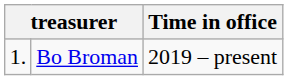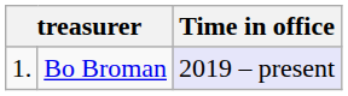 <table class="wikitable">
 <tr>
 <th colspan="2">treasurer</th>
 <th>Time in office</th>
 </tr>
 <tr>
 <td>1.</td>
 <td><a href='#'>Bo Broman</a></td>
-<td>2019 – present</td>
+<td style="background: lavender;">2019 – present</td>
 </tr>
 </table>
